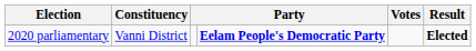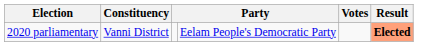 <table class="wikitable" style="text-align:left;">
 <tr>
 <th scope=col>Election</th>
 <th scope=col>Constituency</th>
 <th scope=col colspan="2">Party</th>
 <th scope=col>Votes</th>
 <th scope=col>Result</th>
 </tr>
 <tr>
 <td><a href='#'>2020 parliamentary</a></td>
 <td><a href='#'>Vanni District</a></td>
 <td style="background:"></td>
-<td><strong><a href='#'>Eelam People's Democratic Party</a></strong></td>
+<td><a href='#'>Eelam People's Democratic Party</a></td>
 <td align=right></td>
-<td><strong>Elected</strong></td>
+<td style="background: lightsalmon;"><strong>Elected</strong></td>
 </tr>
 </table>
